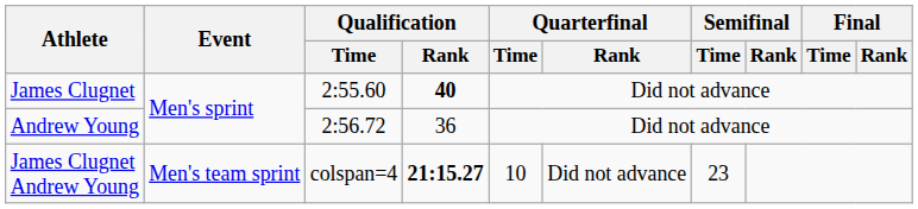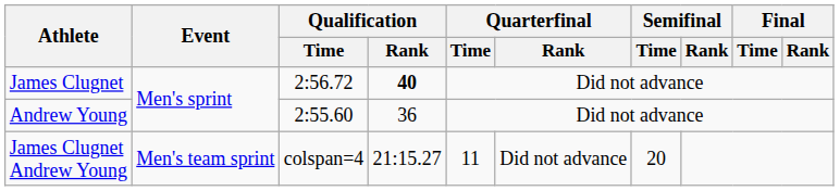 <table class=wikitable style=font-size:90%;text-align:center>
 <tr>
 <th rowspan=2>Athlete</th>
 <th rowspan=2>Event</th>
 <th colspan=2>Qualification</th>
 <th colspan=2>Quarterfinal</th>
 <th colspan=2>Semifinal</th>
 <th colspan=2>Final</th>
 </tr>
 <tr style=font-size:95%>
 <th>Time</th>
 <th>Rank</th>
 <th>Time</th>
 <th>Rank</th>
 <th>Time</th>
 <th>Rank</th>
 <th>Time</th>
 <th>Rank</th>
 </tr>
 <tr>
 <td align=left><a href='#'>James Clugnet</a></td>
 <td align=left rowspan=2><a href='#'>Men's sprint</a></td>
-<td>2:55.60</td>
+<td>2:56.72</td>
 <td><strong>40</strong></td>
 <td colspan=6>Did not advance</td>
 </tr>
 <tr>
 <td align=left><a href='#'>Andrew Young</a></td>
-<td>2:56.72</td>
+<td>2:55.60</td>
 <td>36</td>
 <td colspan=6>Did not advance</td>
 </tr>
 <tr>
 <td align=left><a href='#'>James Clugnet</a><br><a href='#'>Andrew Young</a></td>
 <td align=left><a href='#'>Men's team sprint</a></td>
 <td>colspan=4 </td>
-<td><strong>21:15.27</strong></td>
-<td>10</td>
+<td>21:15.27</td>
+<td>11</td>
 <td>Did not advance</td>
-<td>23</td>
+<td>20</td>
 </tr>
 </table>
